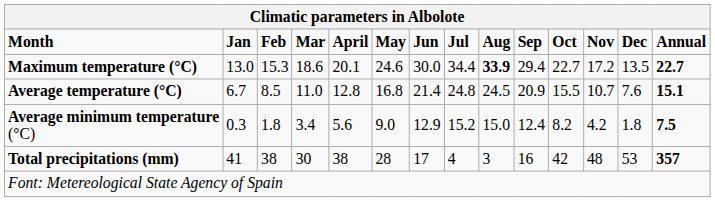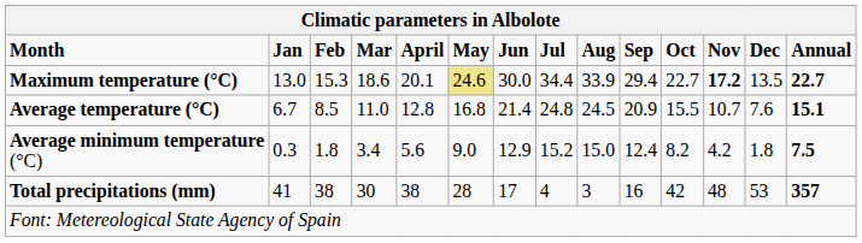 <table class="wikitable">
 <tr>
 <th colspan="14"><strong>Climatic parameters</strong> <strong>in Albolote   </strong></th>
 </tr>
 <tr>
 <td><strong>Month</strong></td>
 <td><strong>Jan</strong></td>
 <td><strong>Feb</strong></td>
 <td><strong>Mar</strong></td>
 <td><strong>April</strong></td>
 <td><strong>May</strong></td>
 <td><strong>Jun</strong></td>
 <td><strong>Jul</strong></td>
 <td><strong>Aug</strong></td>
 <td><strong>Sep</strong></td>
 <td><strong>Oct</strong></td>
 <td><strong>Nov</strong></td>
 <td><strong>Dec</strong></td>
 <td><strong>Annual</strong></td>
 </tr>
 <tr>
 <td><strong>Maximum temperature (°C)</strong></td>
 <td>13.0</td>
 <td>15.3</td>
 <td>18.6</td>
 <td>20.1</td>
-<td>24.6</td>
+<td style="background: khaki;">24.6</td>
 <td>30.0</td>
 <td>34.4</td>
-<td><strong>33.9</strong></td>
+<td>33.9</td>
 <td>29.4</td>
 <td>22.7</td>
-<td>17.2</td>
+<td><strong>17.2</strong></td>
 <td>13.5</td>
 <td><strong>22.7</strong></td>
 </tr>
 <tr>
 <td><strong>Average temperature (°C)</strong></td>
 <td>6.7</td>
 <td>8.5</td>
 <td>11.0</td>
 <td>12.8</td>
 <td>16.8</td>
 <td>21.4</td>
 <td>24.8</td>
 <td>24.5</td>
 <td>20.9</td>
 <td>15.5</td>
 <td>10.7</td>
 <td>7.6</td>
 <td><strong>15.1</strong></td>
 </tr>
 <tr>
 <td><strong>Average minimum temperature</strong><br>(°C)</td>
 <td>0.3</td>
 <td>1.8</td>
 <td>3.4</td>
 <td>5.6</td>
 <td>9.0</td>
 <td>12.9</td>
 <td>15.2</td>
 <td>15.0</td>
 <td>12.4</td>
 <td>8.2</td>
 <td>4.2</td>
 <td>1.8</td>
 <td><strong>7.5</strong></td>
 </tr>
 <tr>
 <td><strong>Total precipitations (mm)</strong></td>
 <td>41</td>
 <td>38</td>
 <td>30</td>
 <td>38</td>
 <td>28</td>
 <td>17</td>
 <td>4</td>
 <td>3</td>
 <td>16</td>
 <td>42</td>
 <td>48</td>
 <td>53</td>
 <td><strong>357</strong></td>
 </tr>
 <tr>
 <td colspan="14"><em>Font: Metereological State Agency of Spain</em></td>
 </tr>
 </table>
